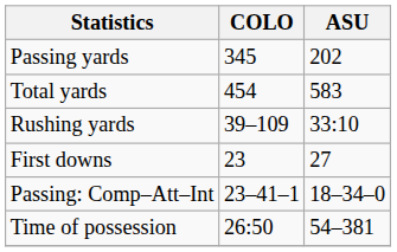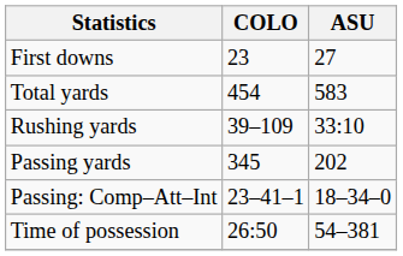 <table class="wikitable" style="float: left;">
 <tr>
 <th>Statistics</th>
 <th>COLO</th>
 <th>ASU</th>
 </tr>
 <tr>
-<td>Passing yards</td>
-<td>345</td>
-<td>202</td>
+<td>First downs</td>
+<td>23</td>
+<td>27</td>
 </tr>
 <tr>
 <td>Total yards</td>
 <td>454</td>
 <td>583</td>
 </tr>
 <tr>
 <td>Rushing yards</td>
 <td>39–109</td>
 <td>33:10</td>
 </tr>
 <tr>
-<td>First downs</td>
-<td>23</td>
-<td>27</td>
+<td>Passing yards</td>
+<td>345</td>
+<td>202</td>
 </tr>
 <tr>
 <td>Passing: Comp–Att–Int</td>
 <td>23–41–1</td>
 <td>18–34–0</td>
 </tr>
 <tr>
 <td>Time of possession</td>
 <td>26:50</td>
 <td>54–381</td>
 </tr>
 <tr>
 </tr>
 </table>
